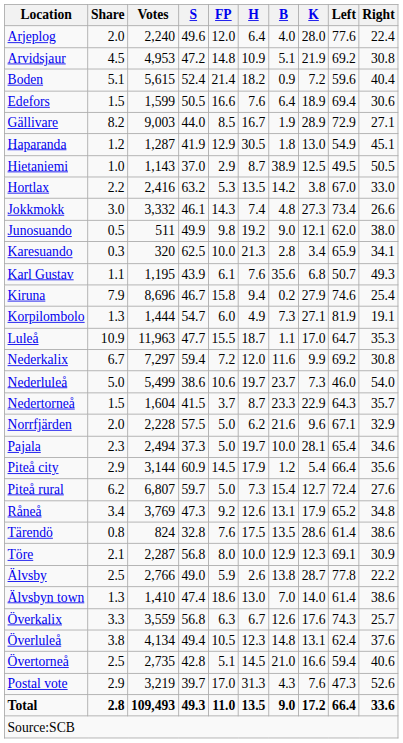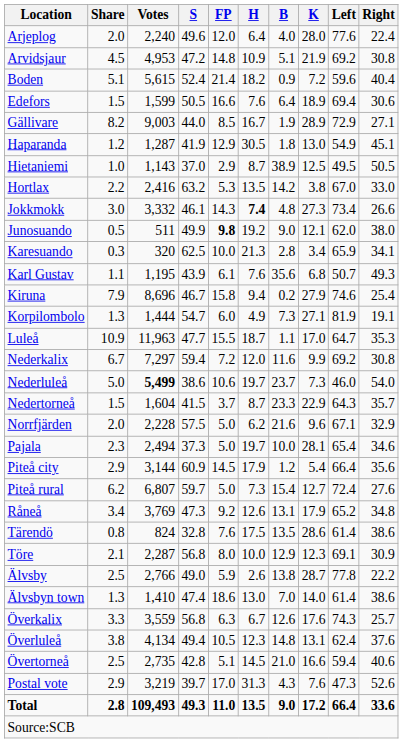 <table class="wikitable sortable" style=text-align:right>
 <tr>
 <th>Location</th>
 <th>Share</th>
 <th>Votes</th>
 <th><a href='#'>S</a></th>
 <th><a href='#'>FP</a></th>
 <th><a href='#'>H</a></th>
 <th><a href='#'>B</a></th>
 <th><a href='#'>K</a></th>
 <th>Left</th>
 <th>Right</th>
 </tr>
 <tr>
 <td align=left><a href='#'>Arjeplog</a></td>
 <td>2.0</td>
 <td>2,240</td>
 <td>49.6</td>
 <td>12.0</td>
 <td>6.4</td>
 <td>4.0</td>
 <td>28.0</td>
 <td>77.6</td>
 <td>22.4</td>
 </tr>
 <tr>
 <td align=left><a href='#'>Arvidsjaur</a></td>
 <td>4.5</td>
 <td>4,953</td>
 <td>47.2</td>
 <td>14.8</td>
 <td>10.9</td>
 <td>5.1</td>
 <td>21.9</td>
 <td>69.2</td>
 <td>30.8</td>
 </tr>
 <tr>
 <td align=left><a href='#'>Boden</a></td>
 <td>5.1</td>
 <td>5,615</td>
 <td>52.4</td>
 <td>21.4</td>
 <td>18.2</td>
 <td>0.9</td>
 <td>7.2</td>
 <td>59.6</td>
 <td>40.4</td>
 </tr>
 <tr>
 <td align=left><a href='#'>Edefors</a></td>
 <td>1.5</td>
 <td>1,599</td>
 <td>50.5</td>
 <td>16.6</td>
 <td>7.6</td>
 <td>6.4</td>
 <td>18.9</td>
 <td>69.4</td>
 <td>30.6</td>
 </tr>
 <tr>
 <td align=left><a href='#'>Gällivare</a></td>
 <td>8.2</td>
 <td>9,003</td>
 <td>44.0</td>
 <td>8.5</td>
 <td>16.7</td>
 <td>1.9</td>
 <td>28.9</td>
 <td>72.9</td>
 <td>27.1</td>
 </tr>
 <tr>
 <td align=left><a href='#'>Haparanda</a></td>
 <td>1.2</td>
 <td>1,287</td>
 <td>41.9</td>
 <td>12.9</td>
 <td>30.5</td>
 <td>1.8</td>
 <td>13.0</td>
 <td>54.9</td>
 <td>45.1</td>
 </tr>
 <tr>
 <td align=left><a href='#'>Hietaniemi</a></td>
 <td>1.0</td>
 <td>1,143</td>
 <td>37.0</td>
 <td>2.9</td>
 <td>8.7</td>
 <td>38.9</td>
 <td>12.5</td>
 <td>49.5</td>
 <td>50.5</td>
 </tr>
 <tr>
 <td align=left><a href='#'>Hortlax</a></td>
 <td>2.2</td>
 <td>2,416</td>
 <td>63.2</td>
 <td>5.3</td>
 <td>13.5</td>
 <td>14.2</td>
 <td>3.8</td>
 <td>67.0</td>
 <td>33.0</td>
 </tr>
 <tr>
 <td align=left><a href='#'>Jokkmokk</a></td>
 <td>3.0</td>
 <td>3,332</td>
 <td>46.1</td>
 <td>14.3</td>
-<td>7.4</td>
+<td><strong>7.4</strong></td>
 <td>4.8</td>
 <td>27.3</td>
 <td>73.4</td>
 <td>26.6</td>
 </tr>
 <tr>
 <td align=left><a href='#'>Junosuando</a></td>
 <td>0.5</td>
 <td>511</td>
 <td>49.9</td>
-<td>9.8</td>
+<td><strong>9.8</strong></td>
 <td>19.2</td>
 <td>9.0</td>
 <td>12.1</td>
 <td>62.0</td>
 <td>38.0</td>
 </tr>
 <tr>
 <td align=left><a href='#'>Karesuando</a></td>
 <td>0.3</td>
 <td>320</td>
 <td>62.5</td>
 <td>10.0</td>
 <td>21.3</td>
 <td>2.8</td>
 <td>3.4</td>
 <td>65.9</td>
 <td>34.1</td>
 </tr>
 <tr>
 <td align=left><a href='#'>Karl Gustav</a></td>
 <td>1.1</td>
 <td>1,195</td>
 <td>43.9</td>
 <td>6.1</td>
 <td>7.6</td>
 <td>35.6</td>
 <td>6.8</td>
 <td>50.7</td>
 <td>49.3</td>
 </tr>
 <tr>
 <td align=left><a href='#'>Kiruna</a></td>
 <td>7.9</td>
 <td>8,696</td>
 <td>46.7</td>
 <td>15.8</td>
 <td>9.4</td>
 <td>0.2</td>
 <td>27.9</td>
 <td>74.6</td>
 <td>25.4</td>
 </tr>
 <tr>
 <td align=left><a href='#'>Korpilombolo</a></td>
 <td>1.3</td>
 <td>1,444</td>
 <td>54.7</td>
 <td>6.0</td>
 <td>4.9</td>
 <td>7.3</td>
 <td>27.1</td>
 <td>81.9</td>
 <td>19.1</td>
 </tr>
 <tr>
 <td align=left><a href='#'>Luleå</a></td>
 <td>10.9</td>
 <td>11,963</td>
 <td>47.7</td>
 <td>15.5</td>
 <td>18.7</td>
 <td>1.1</td>
 <td>17.0</td>
 <td>64.7</td>
 <td>35.3</td>
 </tr>
 <tr>
 <td align=left><a href='#'>Nederkalix</a></td>
 <td>6.7</td>
 <td>7,297</td>
 <td>59.4</td>
 <td>7.2</td>
 <td>12.0</td>
 <td>11.6</td>
 <td>9.9</td>
 <td>69.2</td>
 <td>30.8</td>
 </tr>
 <tr>
 <td align=left><a href='#'>Nederluleå</a></td>
 <td>5.0</td>
-<td>5,499</td>
+<td><strong>5,499</strong></td>
 <td>38.6</td>
 <td>10.6</td>
 <td>19.7</td>
 <td>23.7</td>
 <td>7.3</td>
 <td>46.0</td>
 <td>54.0</td>
 </tr>
 <tr>
 <td align=left><a href='#'>Nedertorneå</a></td>
 <td>1.5</td>
 <td>1,604</td>
 <td>41.5</td>
 <td>3.7</td>
 <td>8.7</td>
 <td>23.3</td>
 <td>22.9</td>
 <td>64.3</td>
 <td>35.7</td>
 </tr>
 <tr>
 <td align=left><a href='#'>Norrfjärden</a></td>
 <td>2.0</td>
 <td>2,228</td>
 <td>57.5</td>
 <td>5.0</td>
 <td>6.2</td>
 <td>21.6</td>
 <td>9.6</td>
 <td>67.1</td>
 <td>32.9</td>
 </tr>
 <tr>
 <td align=left><a href='#'>Pajala</a></td>
 <td>2.3</td>
 <td>2,494</td>
 <td>37.3</td>
 <td>5.0</td>
 <td>19.7</td>
 <td>10.0</td>
 <td>28.1</td>
 <td>65.4</td>
 <td>34.6</td>
 </tr>
 <tr>
 <td align=left><a href='#'>Piteå city</a></td>
 <td>2.9</td>
 <td>3,144</td>
 <td>60.9</td>
 <td>14.5</td>
 <td>17.9</td>
 <td>1.2</td>
 <td>5.4</td>
 <td>66.4</td>
 <td>35.6</td>
 </tr>
 <tr>
 <td align=left><a href='#'>Piteå rural</a></td>
 <td>6.2</td>
 <td>6,807</td>
 <td>59.7</td>
 <td>5.0</td>
 <td>7.3</td>
 <td>15.4</td>
 <td>12.7</td>
 <td>72.4</td>
 <td>27.6</td>
 </tr>
 <tr>
 <td align=left><a href='#'>Råneå</a></td>
 <td>3.4</td>
 <td>3,769</td>
 <td>47.3</td>
 <td>9.2</td>
 <td>12.6</td>
 <td>13.1</td>
 <td>17.9</td>
 <td>65.2</td>
 <td>34.8</td>
 </tr>
 <tr>
 <td align=left><a href='#'>Tärendö</a></td>
 <td>0.8</td>
 <td>824</td>
 <td>32.8</td>
 <td>7.6</td>
 <td>17.5</td>
 <td>13.5</td>
 <td>28.6</td>
 <td>61.4</td>
 <td>38.6</td>
 </tr>
 <tr>
 <td align=left><a href='#'>Töre</a></td>
 <td>2.1</td>
 <td>2,287</td>
 <td>56.8</td>
 <td>8.0</td>
 <td>10.0</td>
 <td>12.9</td>
 <td>12.3</td>
 <td>69.1</td>
 <td>30.9</td>
 </tr>
 <tr>
 <td align=left><a href='#'>Älvsby</a></td>
 <td>2.5</td>
 <td>2,766</td>
 <td>49.0</td>
 <td>5.9</td>
 <td>2.6</td>
 <td>13.8</td>
 <td>28.7</td>
 <td>77.8</td>
 <td>22.2</td>
 </tr>
 <tr>
 <td align=left><a href='#'>Älvsbyn town</a></td>
 <td>1.3</td>
 <td>1,410</td>
 <td>47.4</td>
 <td>18.6</td>
 <td>13.0</td>
 <td>7.0</td>
 <td>14.0</td>
 <td>61.4</td>
 <td>38.6</td>
 </tr>
 <tr>
 <td align=left><a href='#'>Överkalix</a></td>
 <td>3.3</td>
 <td>3,559</td>
 <td>56.8</td>
 <td>6.3</td>
 <td>6.7</td>
 <td>12.6</td>
 <td>17.6</td>
 <td>74.3</td>
 <td>25.7</td>
 </tr>
 <tr>
 <td align=left><a href='#'>Överluleå</a></td>
 <td>3.8</td>
 <td>4,134</td>
 <td>49.4</td>
 <td>10.5</td>
 <td>12.3</td>
 <td>14.8</td>
 <td>13.1</td>
 <td>62.4</td>
 <td>37.6</td>
 </tr>
 <tr>
 <td align=left><a href='#'>Övertorneå</a></td>
 <td>2.5</td>
 <td>2,735</td>
 <td>42.8</td>
 <td>5.1</td>
 <td>14.5</td>
 <td>21.0</td>
 <td>16.6</td>
 <td>59.4</td>
 <td>40.6</td>
 </tr>
 <tr>
 <td align=left><a href='#'>Postal vote</a></td>
 <td>2.9</td>
 <td>3,219</td>
 <td>39.7</td>
 <td>17.0</td>
 <td>31.3</td>
 <td>4.3</td>
 <td>7.6</td>
 <td>47.3</td>
 <td>52.6</td>
 </tr>
 <tr>
 <td align=left><strong>Total</strong></td>
 <td><strong>2.8</strong></td>
 <td><strong>109,493</strong></td>
 <td><strong>49.3</strong></td>
 <td><strong>11.0</strong></td>
 <td><strong>13.5</strong></td>
 <td><strong>9.0</strong></td>
 <td><strong>17.2</strong></td>
 <td><strong>66.4</strong></td>
 <td><strong>33.6</strong></td>
 </tr>
 <tr>
 <td align=left colspan=10>Source:SCB </td>
 </tr>
 </table>
